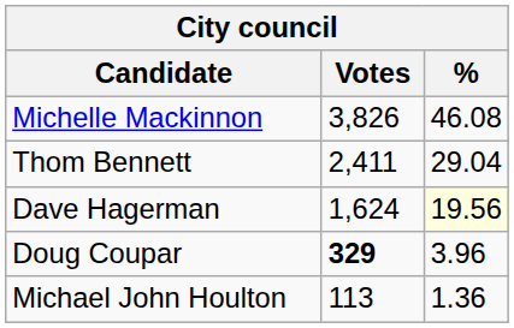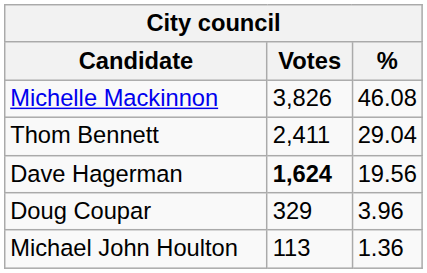 <table class="wikitable">
 <tr>
 <th colspan="3">City council</th>
 </tr>
 <tr>
 <th style="width: 170px">Candidate</th>
 <th style="width: 50px">Votes</th>
 <th style="width: 40px">%</th>
 </tr>
 <tr>
 <td><a href='#'>Michelle Mackinnon</a></td>
 <td>3,826</td>
 <td>46.08</td>
 </tr>
 <tr>
 <td>Thom Bennett</td>
 <td>2,411</td>
 <td>29.04</td>
 </tr>
 <tr>
 <td>Dave Hagerman</td>
-<td>1,624</td>
-<td style="background: lightyellow;">19.56</td>
+<td><strong>1,624</strong></td>
+<td>19.56</td>
 </tr>
 <tr>
 <td>Doug Coupar</td>
-<td><strong>329</strong></td>
+<td>329</td>
 <td>3.96</td>
 </tr>
 <tr>
 <td>Michael John Houlton</td>
 <td>113</td>
 <td>1.36</td>
 </tr>
 </table>
